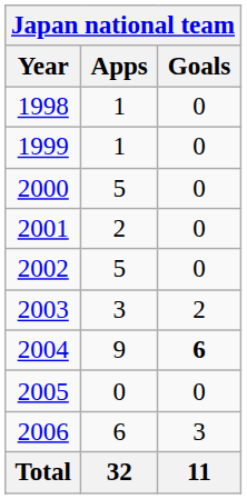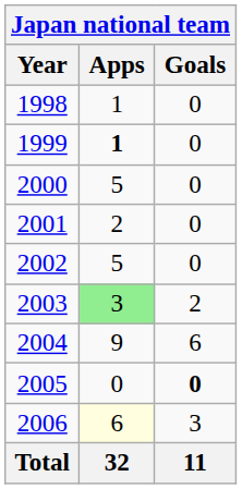 <table class="wikitable" style="text-align:center">
 <tr>
 <th colspan=3><a href='#'>Japan national team</a></th>
 </tr>
 <tr>
 <th>Year</th>
 <th>Apps</th>
 <th>Goals</th>
 </tr>
 <tr>
 <td><a href='#'>1998</a></td>
 <td>1</td>
 <td>0</td>
 </tr>
 <tr>
 <td><a href='#'>1999</a></td>
-<td>1</td>
+<td><strong>1</strong></td>
 <td>0</td>
 </tr>
 <tr>
 <td><a href='#'>2000</a></td>
 <td>5</td>
 <td>0</td>
 </tr>
 <tr>
 <td><a href='#'>2001</a></td>
 <td>2</td>
 <td>0</td>
 </tr>
 <tr>
 <td><a href='#'>2002</a></td>
 <td>5</td>
 <td>0</td>
 </tr>
 <tr>
 <td><a href='#'>2003</a></td>
-<td>3</td>
+<td style="background: lightgreen;">3</td>
 <td>2</td>
 </tr>
 <tr>
 <td><a href='#'>2004</a></td>
 <td>9</td>
-<td><strong>6</strong></td>
+<td>6</td>
 </tr>
 <tr>
 <td><a href='#'>2005</a></td>
 <td>0</td>
-<td>0</td>
+<td><strong>0</strong></td>
 </tr>
 <tr>
 <td><a href='#'>2006</a></td>
-<td>6</td>
+<td style="background: lightyellow;">6</td>
 <td>3</td>
 </tr>
 <tr>
 <th>Total</th>
 <th>32</th>
 <th>11</th>
 </tr>
 </table>
